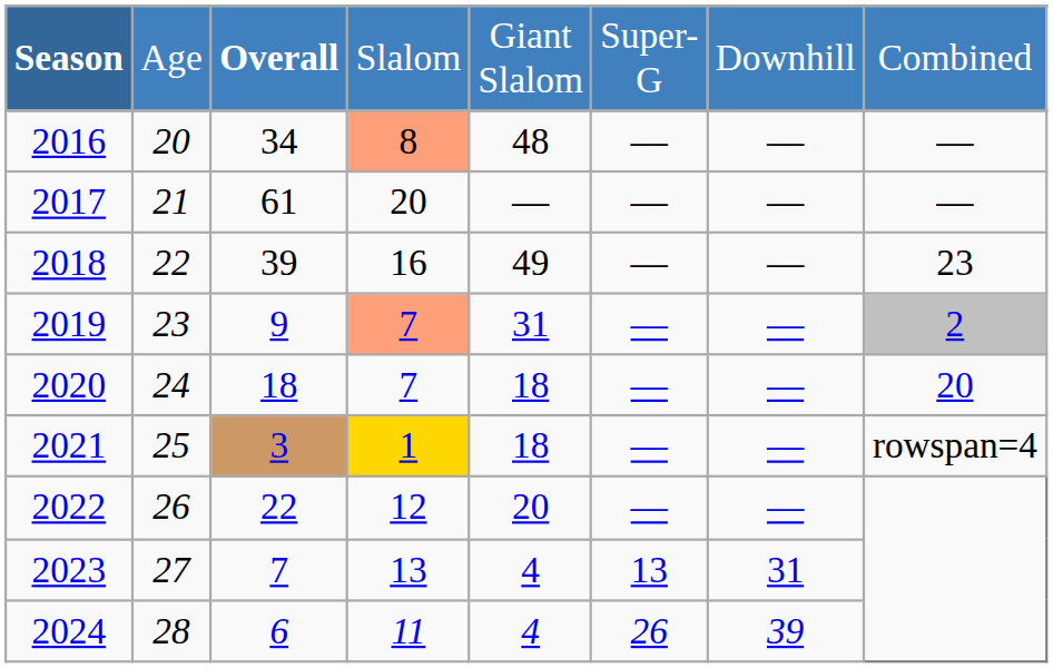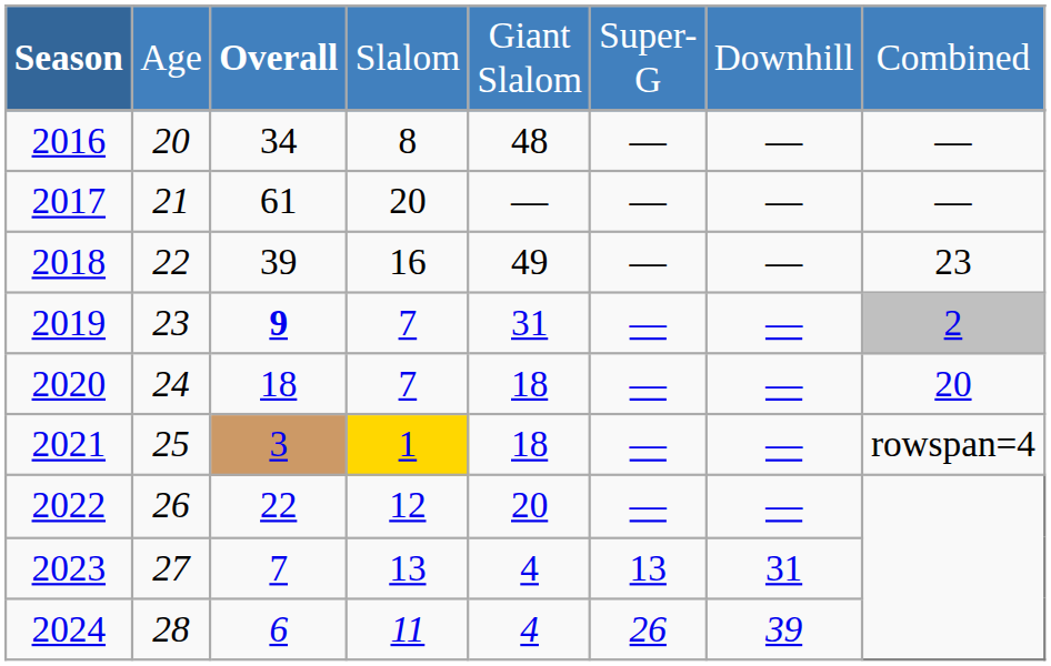 <table class="wikitable" style="font-size:95%; text-align:center; border:grey solid 1px; border-collapse:collapse;" width="40%">
 <tr style="background-color:#369; color:white;">
 <td rowspan="2" colspan="1" width="10%"><strong>Season</strong></td>
 </tr>
 <tr style="background-color:#4180be; color:white;">
 <td width="5%">Age</td>
 <td width="5%"><strong>Overall</strong></td>
 <td width="5%">Slalom</td>
 <td width="5%">Giant<br>Slalom</td>
 <td width="5%">Super-G</td>
 <td width="5%">Downhill</td>
 <td width="5%">Combined</td>
 </tr>
 <tr style="background-color:#8CB2D8; color:white;">
 </tr>
 <tr>
 <td><a href='#'>2016</a></td>
 <td><em>20</em></td>
 <td>34</td>
-<td style="background: lightsalmon;">8</td>
+<td>8</td>
 <td>48</td>
 <td>—</td>
 <td>—</td>
 <td>—</td>
 </tr>
 <tr>
 <td><a href='#'>2017</a></td>
 <td><em>21</em></td>
 <td>61</td>
 <td>20</td>
 <td>—</td>
 <td>—</td>
 <td>—</td>
 <td>—</td>
 </tr>
 <tr>
 <td><a href='#'>2018</a></td>
 <td><em>22</em></td>
 <td>39</td>
 <td>16</td>
 <td>49</td>
 <td>—</td>
 <td>—</td>
 <td>23</td>
 </tr>
 <tr>
 <td><a href='#'>2019</a></td>
 <td><em>23</em></td>
-<td><a href='#'>9</a></td>
-<td style="background: lightsalmon;"><a href='#'>7</a></td>
+<td><strong><a href='#'>9</a></strong></td>
+<td><a href='#'>7</a></td>
 <td><a href='#'>31</a></td>
 <td><a href='#'>—</a></td>
 <td><a href='#'>—</a></td>
 <td style="background:silver;"><a href='#'>2</a></td>
 </tr>
 <tr>
 <td><a href='#'>2020</a></td>
 <td><em>24</em></td>
 <td><a href='#'>18</a></td>
 <td><a href='#'>7</a></td>
 <td><a href='#'>18</a></td>
 <td><a href='#'>—</a></td>
 <td><a href='#'>—</a></td>
 <td><a href='#'>20</a></td>
 </tr>
 <tr>
 <td><a href='#'>2021</a></td>
 <td><em>25</em></td>
 <td style="background:#cc9966;"><a href='#'>3</a></td>
 <td style="background:gold;"><a href='#'>1</a></td>
 <td><a href='#'>18</a></td>
 <td><a href='#'>—</a></td>
 <td><a href='#'>—</a></td>
 <td>rowspan=4 </td>
 </tr>
 <tr>
 <td><a href='#'>2022</a></td>
 <td><em>26</em></td>
 <td><a href='#'>22</a></td>
 <td><a href='#'>12</a></td>
 <td><a href='#'>20</a></td>
 <td><a href='#'>—</a></td>
 <td><a href='#'>—</a></td>
 </tr>
 <tr>
 <td><a href='#'>2023</a></td>
 <td><em>27</em></td>
 <td><a href='#'>7</a></td>
 <td><a href='#'>13</a></td>
 <td><a href='#'>4</a></td>
 <td><a href='#'>13</a></td>
 <td><a href='#'>31</a></td>
 </tr>
 <tr>
 <td><a href='#'>2024</a></td>
 <td><em>28</em></td>
 <td><em><a href='#'>6</a></em></td>
 <td><em><a href='#'>11</a></em></td>
 <td><em><a href='#'>4</a></em></td>
 <td><em><a href='#'>26</a></em></td>
 <td><em><a href='#'>39</a></em></td>
 </tr>
 </table>
